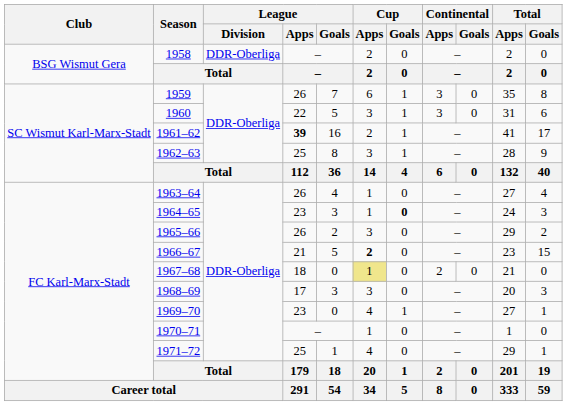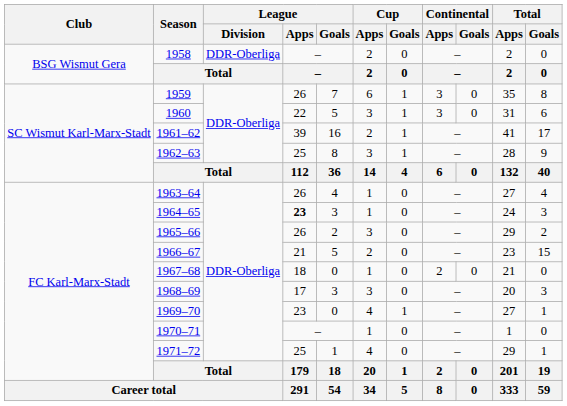 <table class="wikitable" style="text-align:center">
 <tr>
 <th rowspan="2">Club</th>
 <th rowspan="2">Season</th>
 <th colspan="3">League</th>
 <th colspan="2">Cup</th>
 <th colspan="2">Continental</th>
 <th colspan="2">Total</th>
 </tr>
 <tr>
 <th>Division</th>
 <th>Apps</th>
 <th>Goals</th>
 <th>Apps</th>
 <th>Goals</th>
 <th>Apps</th>
 <th>Goals</th>
 <th>Apps</th>
 <th>Goals</th>
 </tr>
 <tr>
 <td rowspan="2"><a href='#'>BSG Wismut Gera</a></td>
 <td><a href='#'>1958</a></td>
 <td rowspan="1"><a href='#'>DDR-Oberliga</a></td>
 <td colspan="2">–</td>
 <td>2</td>
 <td>0</td>
 <td colspan="2">–</td>
 <td>2</td>
 <td>0</td>
 </tr>
 <tr>
 <th colspan="2">Total</th>
 <th colspan="2">–</th>
 <th>2</th>
 <th>0</th>
 <th colspan="2">–</th>
 <th>2</th>
 <th>0</th>
 </tr>
 <tr>
 <td rowspan="5"><a href='#'>SC Wismut Karl-Marx-Stadt</a></td>
 <td><a href='#'>1959</a></td>
 <td rowspan="4"><a href='#'>DDR-Oberliga</a></td>
 <td>26</td>
 <td>7</td>
 <td>6</td>
 <td>1</td>
 <td>3</td>
 <td>0</td>
 <td>35</td>
 <td>8</td>
 </tr>
 <tr>
 <td><a href='#'>1960</a></td>
 <td>22</td>
 <td>5</td>
 <td>3</td>
 <td>1</td>
 <td>3</td>
 <td>0</td>
 <td>31</td>
 <td>6</td>
 </tr>
 <tr>
 <td><a href='#'>1961–62</a></td>
-<td><strong>39</strong></td>
+<td>39</td>
 <td>16</td>
 <td>2</td>
 <td>1</td>
 <td colspan="2">–</td>
 <td>41</td>
 <td>17</td>
 </tr>
 <tr>
 <td><a href='#'>1962–63</a></td>
 <td>25</td>
 <td>8</td>
 <td>3</td>
 <td>1</td>
 <td colspan="2">–</td>
 <td>28</td>
 <td>9</td>
 </tr>
 <tr>
 <th colspan="2">Total</th>
 <th>112</th>
 <th>36</th>
 <th>14</th>
 <th>4</th>
 <th>6</th>
 <th>0</th>
 <th>132</th>
 <th>40</th>
 </tr>
 <tr>
 <td rowspan="10"><a href='#'>FC Karl-Marx-Stadt</a></td>
 <td><a href='#'>1963–64</a></td>
 <td rowspan="9"><a href='#'>DDR-Oberliga</a></td>
 <td>26</td>
 <td>4</td>
 <td>1</td>
 <td>0</td>
 <td colspan="2">–</td>
 <td>27</td>
 <td>4</td>
 </tr>
 <tr>
 <td><a href='#'>1964–65</a></td>
-<td>23</td>
+<td><strong>23</strong></td>
 <td>3</td>
 <td>1</td>
-<td><strong>0</strong></td>
+<td>0</td>
 <td colspan="2">–</td>
 <td>24</td>
 <td>3</td>
 </tr>
 <tr>
 <td><a href='#'>1965–66</a></td>
 <td>26</td>
 <td>2</td>
 <td>3</td>
 <td>0</td>
 <td colspan="2">–</td>
 <td>29</td>
 <td>2</td>
 </tr>
 <tr>
 <td><a href='#'>1966–67</a></td>
 <td>21</td>
 <td>5</td>
-<td><strong>2</strong></td>
+<td>2</td>
 <td>0</td>
 <td colspan="2">–</td>
 <td>23</td>
 <td>15</td>
 </tr>
 <tr>
 <td><a href='#'>1967–68</a></td>
 <td>18</td>
 <td>0</td>
-<td style="background: khaki;">1</td>
+<td>1</td>
 <td>0</td>
 <td>2</td>
 <td>0</td>
 <td>21</td>
 <td>0</td>
 </tr>
 <tr>
 <td><a href='#'>1968–69</a></td>
 <td>17</td>
 <td>3</td>
 <td>3</td>
 <td>0</td>
 <td colspan="2">–</td>
 <td>20</td>
 <td>3</td>
 </tr>
 <tr>
 <td><a href='#'>1969–70</a></td>
 <td>23</td>
 <td>0</td>
 <td>4</td>
 <td>1</td>
 <td colspan="2">–</td>
 <td>27</td>
 <td>1</td>
 </tr>
 <tr>
 <td><a href='#'>1970–71</a></td>
 <td colspan="2">–</td>
 <td>1</td>
 <td>0</td>
 <td colspan="2">–</td>
 <td>1</td>
 <td>0</td>
 </tr>
 <tr>
 <td><a href='#'>1971–72</a></td>
 <td>25</td>
 <td>1</td>
 <td>4</td>
 <td>0</td>
 <td colspan="2">–</td>
 <td>29</td>
 <td>1</td>
 </tr>
 <tr>
 <th colspan="2">Total</th>
 <th>179</th>
 <th>18</th>
 <th>20</th>
 <th>1</th>
 <th>2</th>
 <th>0</th>
 <th>201</th>
 <th>19</th>
 </tr>
 <tr>
 <th colspan=3>Career total</th>
 <th>291</th>
 <th>54</th>
 <th>34</th>
 <th>5</th>
 <th>8</th>
 <th>0</th>
 <th>333</th>
 <th>59</th>
 </tr>
 </table>
